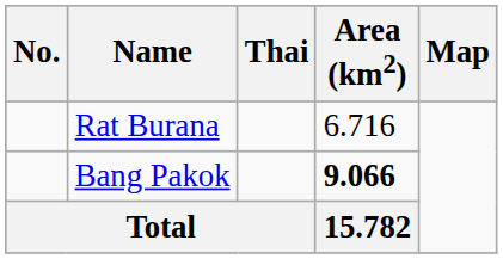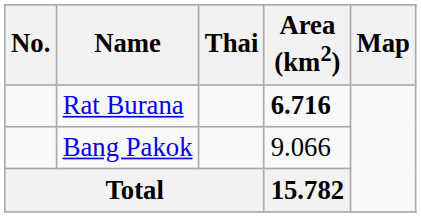 <table class="wikitable sortable">
 <tr>
 <th>No.</th>
 <th>Name</th>
 <th>Thai</th>
 <th>Area<br>(km<sup>2</sup>)</th>
 <th>Map</th>
 </tr>
 <tr>
 <td></td>
 <td><a href='#'>Rat Burana</a></td>
 <td></td>
-<td><div>6.716</div></td>
+<td><strong><div>6.716</div></strong></td>
 <td rowspan=3></td>
 </tr>
 <tr>
 <td></td>
 <td><a href='#'>Bang Pakok</a></td>
 <td></td>
-<td><strong><div>9.066</div></strong></td>
+<td><div>9.066</div></td>
 </tr>
 <tr>
 <th colspan=3>Total</th>
 <th><div>15.782</div></th>
 </tr>
 </table>
